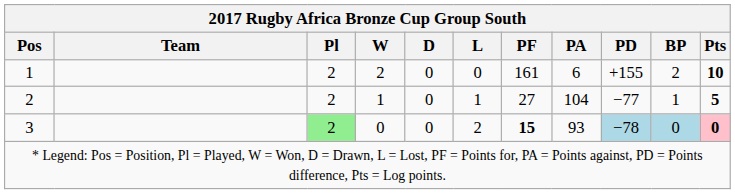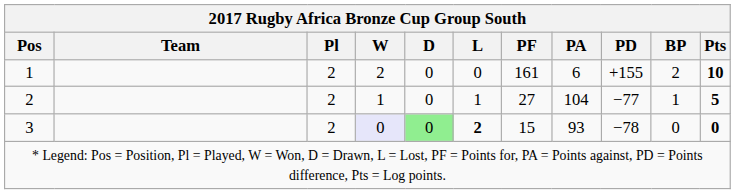 <table class="wikitable" style="text-align:center; font-size:90%; width:50%;">
 <tr>
 <th colspan="100%" cellpadding="0" cellspacing="0"><strong>2017 Rugby Africa Bronze Cup Group South</strong></th>
 </tr>
 <tr>
 <th style="width:7%;">Pos</th>
 <th style="width:37%;">Team</th>
 <th style="width:7%;">Pl</th>
 <th style="width:7%;">W</th>
 <th style="width:7%;">D</th>
 <th style="width:7%;">L</th>
 <th style="width:7%;">PF</th>
 <th style="width:7%;">PA</th>
 <th style="width:7%;">PD</th>
 <th style="width:7%;">BP</th>
 <th style="width:7%;">Pts<br></th>
 </tr>
 <tr>
 <td>1</td>
 <td align=left></td>
 <td>2</td>
 <td>2</td>
 <td>0</td>
 <td>0</td>
 <td>161</td>
 <td>6</td>
 <td>+155</td>
 <td>2</td>
 <td><strong>10</strong></td>
 </tr>
 <tr>
 <td>2</td>
 <td align=left></td>
 <td>2</td>
 <td>1</td>
 <td>0</td>
 <td>1</td>
 <td>27</td>
 <td>104</td>
 <td>−77</td>
 <td>1</td>
 <td><strong>5</strong></td>
 </tr>
 <tr>
 <td>3</td>
 <td align=left></td>
-<td style="background: lightgreen;">2</td>
+<td>2</td>
+<td style="background: lavender;">0</td>
+<td style="background: lightgreen;">0</td>
+<td><strong>2</strong></td>
+<td>15</td>
+<td>93</td>
+<td>−78</td>
 <td>0</td>
-<td>0</td>
-<td>2</td>
-<td><strong>15</strong></td>
-<td>93</td>
-<td style="background: lightblue;">−78</td>
-<td style="background: lightblue;">0</td>
-<td style="background: pink;"><strong>0</strong></td>
+<td><strong>0</strong></td>
 </tr>
 <tr>
 <td colspan="100%" style="border:0px"><small>* Legend: Pos = Position, Pl = Played, W = Won, D = Drawn, L = Lost, PF = Points for, PA = Points against, PD = Points difference, Pts = Log points.</small></td>
 </tr>
 </table>
